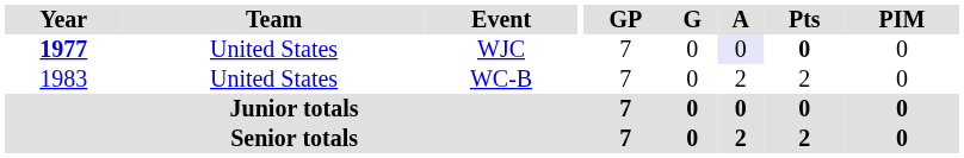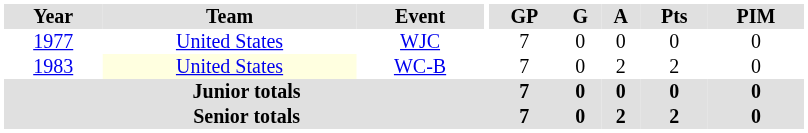 <table border="0" cellpadding="1" cellspacing="0" ID="Table3" style="text-align:center; width:40em">
 <tr bgcolor="#e0e0e0">
 <th>Year</th>
 <th>Team</th>
 <th>Event</th>
 <th rowspan="102" bgcolor="#ffffff"></th>
 <th>GP</th>
 <th>G</th>
 <th>A</th>
 <th>Pts</th>
 <th>PIM</th>
 </tr>
 <tr>
-<td><strong><a href='#'>1977</a></strong></td>
+<td><a href='#'>1977</a></td>
 <td><a href='#'>United States</a></td>
 <td><a href='#'>WJC</a></td>
 <td>7</td>
 <td>0</td>
-<td style="background: lavender;">0</td>
-<td><strong>0</strong></td>
+<td>0</td>
+<td>0</td>
 <td>0</td>
 </tr>
 <tr>
 <td><a href='#'>1983</a></td>
-<td><a href='#'>United States</a></td>
+<td style="background: lightyellow;"><a href='#'>United States</a></td>
 <td><a href='#'>WC-B</a></td>
 <td>7</td>
 <td>0</td>
 <td>2</td>
 <td>2</td>
 <td>0</td>
 </tr>
 <tr bgcolor="#e0e0e0">
 <th colspan="4">Junior totals</th>
 <th>7</th>
 <th>0</th>
 <th>0</th>
 <th>0</th>
 <th>0</th>
 </tr>
 <tr bgcolor="#e0e0e0">
 <th colspan="4">Senior totals</th>
 <th>7</th>
 <th>0</th>
 <th>2</th>
 <th>2</th>
 <th>0</th>
 </tr>
 </table>
